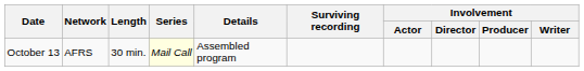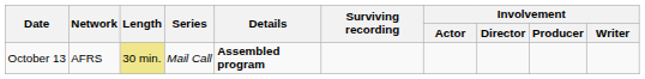 <table class="wikitable">
 <tr>
 <th rowspan="2" style="width:33px;">Date</th>
 <th rowspan="2">Network</th>
 <th rowspan="2">Length</th>
 <th rowspan="2">Series</th>
 <th rowspan="2">Details</th>
 <th rowspan="2">Surviving recording</th>
 <th colspan="4">Involvement</th>
 </tr>
 <tr>
 <th width=65>Actor</th>
 <th width=65>Director</th>
 <th width=65>Producer</th>
 <th width=65>Writer</th>
 </tr>
 <tr style="text-align:center;">
 <td style="text-align:left;">October 13</td>
 <td style="text-align:left;">AFRS</td>
-<td style="text-align:left;">30 min.</td>
-<td style="background: lightyellow; text-align:left;"><em>Mail Call</em></td>
-<td style="text-align:left;">Assembled program  </td>
+<td style="background: khaki; text-align:left;">30 min.</td>
+<td style="text-align:left;"><em>Mail Call</em></td>
+<td style="text-align:left;"><strong>Assembled program  </strong></td>
 <td></td>
 <td></td>
 <td></td>
 <td></td>
 <td></td>
 </tr>
 </table>
